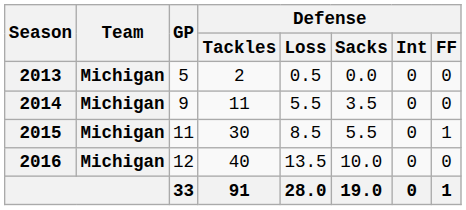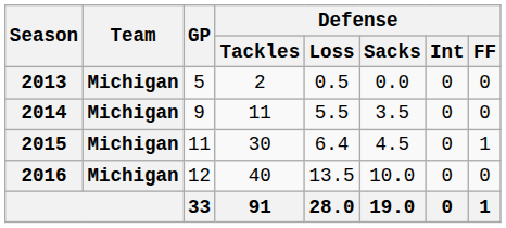 <table class="wikitable" style="text-align:center;">
 <tr>
 <th rowspan=2>Season</th>
 <th rowspan=2>Team</th>
 <th Rowspan=2>GP</th>
 <th colspan=5>Defense</th>
 </tr>
 <tr>
 <th !>Tackles</th>
 <th !>Loss</th>
 <th !>Sacks</th>
 <th !>Int</th>
 <th !>FF</th>
 </tr>
 <tr>
 <th>2013</th>
 <th>Michigan</th>
 <td>5</td>
 <td>2</td>
 <td>0.5</td>
 <td>0.0</td>
 <td>0</td>
 <td>0</td>
 </tr>
 <tr>
 <th>2014</th>
 <th>Michigan</th>
 <td>9</td>
 <td>11</td>
 <td>5.5</td>
 <td>3.5</td>
 <td>0</td>
 <td>0</td>
 </tr>
 <tr>
 <th>2015</th>
 <th>Michigan</th>
 <td>11</td>
 <td>30</td>
-<td>8.5</td>
-<td>5.5</td>
+<td>6.4</td>
+<td>4.5</td>
 <td>0</td>
 <td>1</td>
 </tr>
 <tr>
 <th>2016</th>
 <th>Michigan</th>
 <td>12</td>
 <td>40</td>
 <td>13.5</td>
 <td>10.0</td>
 <td>0</td>
 <td>0</td>
 </tr>
 <tr>
 <th colspan=2></th>
 <th>33</th>
 <th>91</th>
 <th>28.0</th>
 <th>19.0</th>
 <th>0</th>
 <th>1</th>
 </tr>
 </table>
